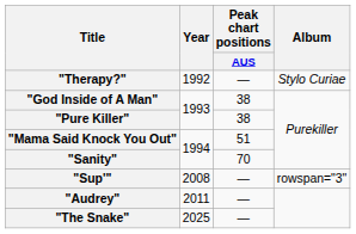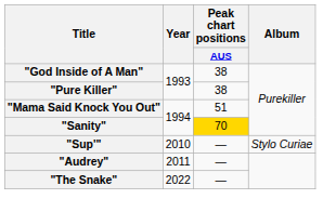 <table class="wikitable plainrowheaders" style="text-align:center;">
 <tr>
 <th scope="col" rowspan="2">Title</th>
 <th scope="col" rowspan="2">Year</th>
 <th scope="col" colspan="1">Peak chart positions</th>
 <th scope="col" rowspan="2">Album</th>
 </tr>
 <tr>
 <th scope="col" style="width:3em;font-size:90%;"><a href='#'>AUS</a><br></th>
-</tr>
-<tr>
-<th scope="row">"Therapy?"</th>
-<td>1992</td>
-<td>—</td>
-<td><em>Stylo Curiae</em></td>
 </tr>
 <tr>
 <th scope="row">"God Inside of A Man"</th>
 <td rowspan="2">1993</td>
 <td>38</td>
 <td rowspan="4"><em>Purekiller</em></td>
 </tr>
 <tr>
 <th scope="row">"Pure Killer"</th>
 <td>38</td>
 </tr>
 <tr>
 <th scope="row">"Mama Said Knock You Out"</th>
 <td rowspan="2">1994</td>
 <td>51</td>
 </tr>
 <tr>
 <th scope="row">"Sanity"</th>
-<td>70</td>
+<td style="background: gold;">70</td>
 </tr>
 <tr>
 <th scope="row">"Sup'"</th>
-<td>2008</td>
+<td>2010</td>
 <td>—</td>
-<td>rowspan="3" </td>
+<td><em>Stylo Curiae</em></td>
 </tr>
 <tr>
 <th scope="row">"Audrey"</th>
 <td>2011</td>
 <td>—</td>
 </tr>
 <tr>
 <th scope="row">"The Snake"</th>
-<td>2025</td>
+<td>2022</td>
 <td>—</td>
 </tr>
 </table>
